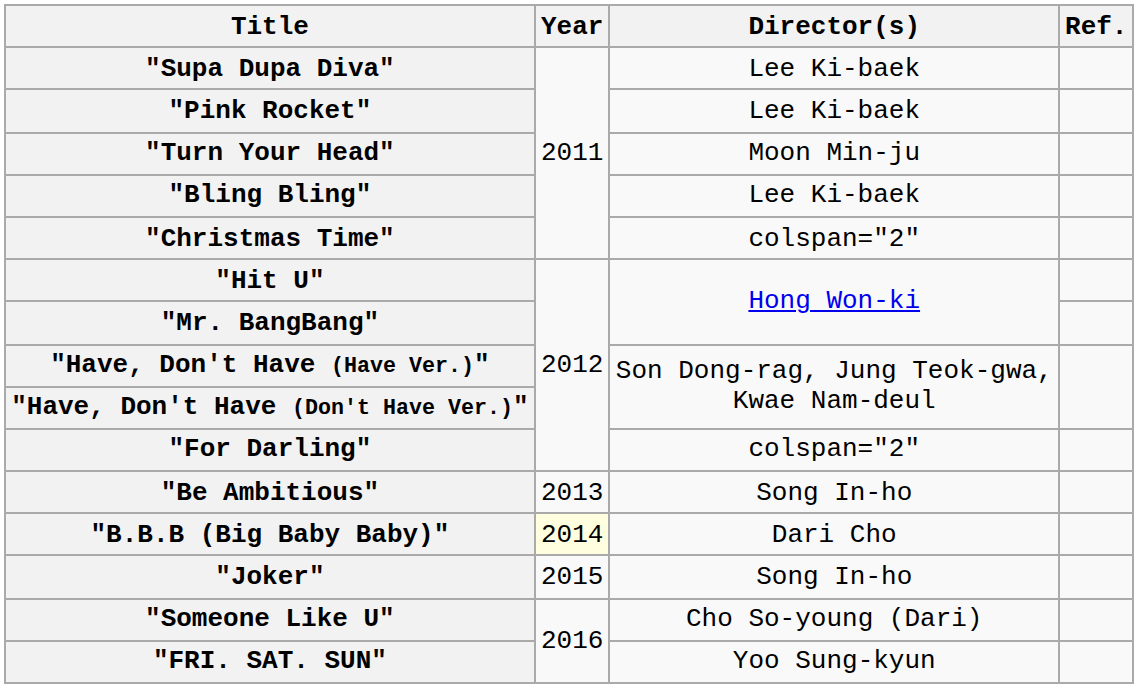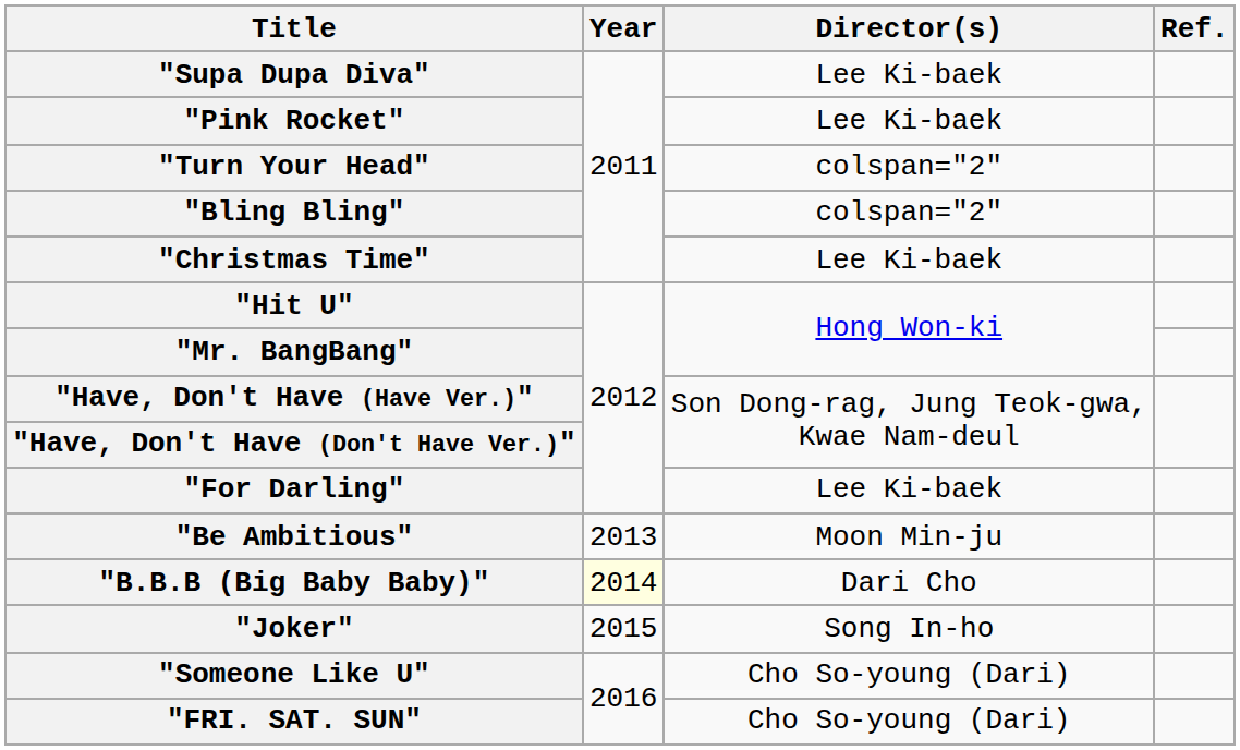 <table class="wikitable plainrowheaders" style="text-align:center;">
 <tr>
 <th scope="col">Title</th>
 <th scope="col">Year</th>
 <th scope="col">Director(s)</th>
 <th scope="col">Ref.</th>
 </tr>
 <tr>
 <th scope="row">"Supa Dupa Diva"</th>
 <td rowspan="5">2011</td>
 <td>Lee Ki-baek</td>
 <td></td>
 </tr>
 <tr>
 <th scope="row">"Pink Rocket"</th>
 <td>Lee Ki-baek</td>
 <td></td>
 </tr>
 <tr>
 <th scope="row">"Turn Your Head"</th>
-<td>Moon Min-ju</td>
+<td>colspan="2" </td>
 </tr>
 <tr>
 <th scope="row">"Bling Bling"</th>
-<td>Lee Ki-baek</td>
+<td>colspan="2" </td>
 <td></td>
 </tr>
 <tr>
 <th scope="row">"Christmas Time"</th>
-<td>colspan="2" </td>
+<td>Lee Ki-baek</td>
 </tr>
 <tr>
 <th scope="row">"Hit U"</th>
 <td rowspan="5">2012</td>
 <td rowspan="2"><a href='#'>Hong Won-ki</a></td>
 <td></td>
 </tr>
 <tr>
 <th scope="row">"Mr. BangBang"</th>
 <td></td>
 </tr>
 <tr>
 <th scope="row">"Have, Don't Have <small>(Have Ver.)</small>"</th>
 <td rowspan="2">Son Dong-rag, Jung Teok-gwa, <br>Kwae Nam-deul</td>
 <td rowspan="2"></td>
 </tr>
 <tr>
 <th scope="row">"Have, Don't Have <small>(Don't Have Ver.)</small>"</th>
 </tr>
 <tr>
 <th scope="row">"For Darling"</th>
-<td>colspan="2" </td>
+<td>Lee Ki-baek</td>
 </tr>
 <tr>
 <th scope="row">"Be Ambitious"</th>
 <td>2013</td>
-<td>Song In-ho</td>
+<td>Moon Min-ju</td>
 <td></td>
 </tr>
 <tr>
 <th scope="row">"B.B.B (Big Baby Baby)"</th>
 <td style="background: lightyellow;">2014</td>
 <td>Dari Cho</td>
 <td></td>
 </tr>
 <tr>
 <th scope="row">"Joker"</th>
 <td>2015</td>
 <td>Song In-ho</td>
 <td></td>
 </tr>
 <tr>
 <th scope="row">"Someone Like U"</th>
 <td rowspan=2>2016</td>
 <td>Cho So-young (Dari)</td>
 <td></td>
 </tr>
 <tr>
 <th scope="row">"FRI. SAT. SUN"</th>
-<td>Yoo Sung-kyun</td>
+<td>Cho So-young (Dari)</td>
 <td></td>
 </tr>
 <tr>
 </tr>
 </table>
